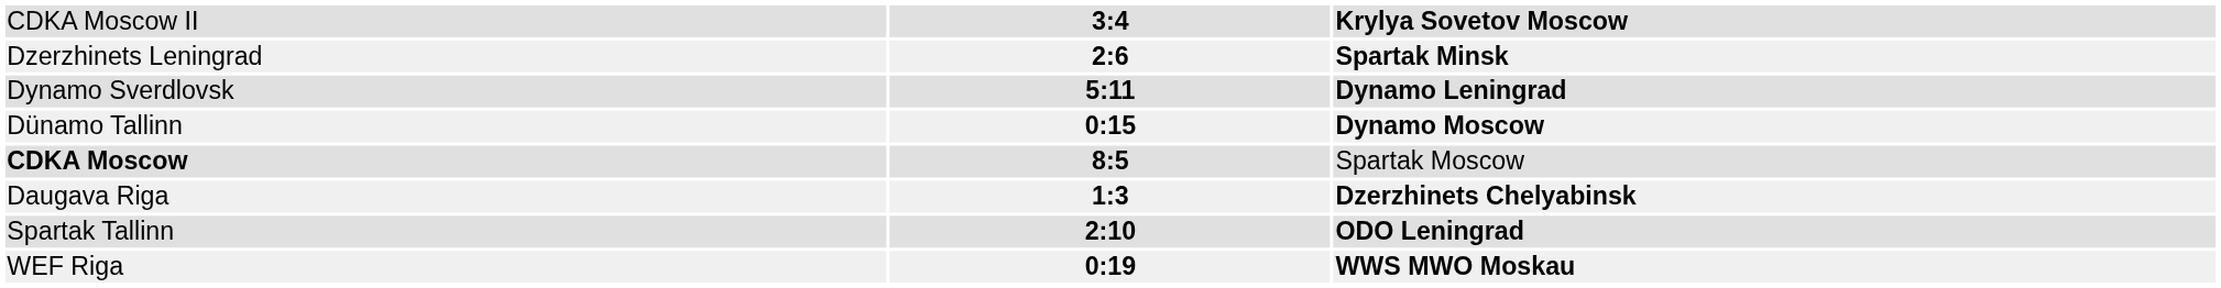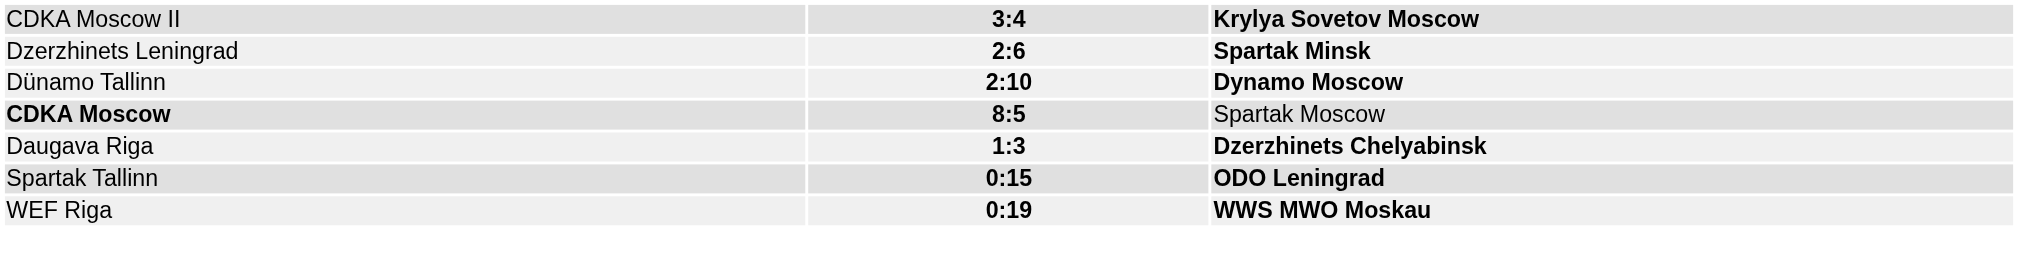 <table width="70%">
 <tr bgcolor="#e0e0e0">
 <td style="width:40%;">CDKA Moscow II</td>
 <th style="width:20%;">3:4</th>
 <td style="width:40%;"><strong>Krylya Sovetov Moscow</strong></td>
 </tr>
 <tr bgcolor="#f0f0f0">
 <td>Dzerzhinets Leningrad</td>
 <th>2:6</th>
 <td><strong>Spartak Minsk</strong></td>
 </tr>
-<tr bgcolor="#e0e0e0">
-<td>Dynamo Sverdlovsk</td>
-<th>5:11</th>
-<td><strong>Dynamo Leningrad</strong></td>
-</tr>
 <tr bgcolor="#f0f0f0">
 <td>Dünamo Tallinn</td>
-<td align="center"><strong>0:15</strong></td>
+<td align="center"><strong>2:10</strong></td>
 <td><strong>Dynamo Moscow</strong></td>
 </tr>
 <tr bgcolor="#e0e0e0">
 <td><strong>CDKA Moscow</strong></td>
 <td align="center"><strong>8:5</strong></td>
 <td>Spartak Moscow</td>
 </tr>
 <tr bgcolor="#f0f0f0">
 <td>Daugava Riga</td>
 <td align="center"><strong>1:3</strong></td>
 <td><strong>Dzerzhinets Chelyabinsk</strong></td>
 </tr>
 <tr bgcolor="#e0e0e0">
 <td>Spartak Tallinn</td>
-<td align="center"><strong>2:10</strong></td>
+<td align="center"><strong>0:15</strong></td>
 <td><strong>ODO Leningrad</strong></td>
 </tr>
 <tr bgcolor="#f0f0f0">
 <td>WEF Riga</td>
 <td align="center"><strong>0:19</strong></td>
 <td><strong>WWS MWO Moskau</strong></td>
 </tr>
 </table>
